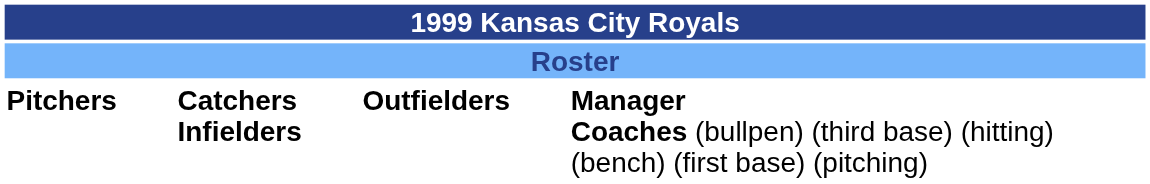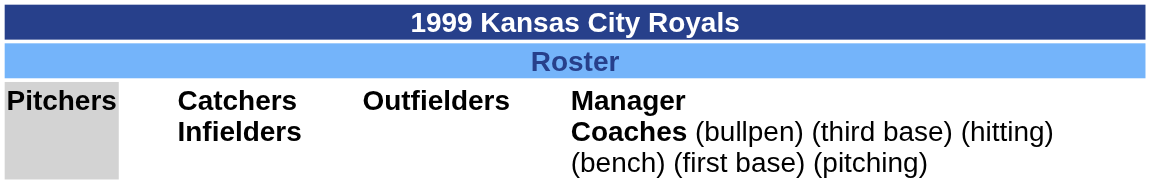 <table class="toccolours" style="font-size: 95%;">
 <tr>
 <th colspan="10" style="background-color: #27408B; color: #FFFFFF; text-align: center;">1999 Kansas City Royals</th>
 </tr>
 <tr>
 <td colspan="10" style="background-color: #74B4FA; color: #27408B; text-align: center;"><strong>Roster</strong></td>
 </tr>
 <tr>
-<td valign="top"><strong>Pitchers</strong><br>                           </td>
+<td valign="top" style="background: lightgrey;"><strong>Pitchers</strong><br>                           </td>
 <td width="25px"></td>
 <td valign="top"><strong>Catchers</strong><br>   <strong>Infielders</strong>              </td>
 <td width="25px"></td>
 <td valign="top"><strong>Outfielders</strong><br>     </td>
 <td width="25px"></td>
 <td valign="top"><strong>Manager</strong><br> <strong>Coaches</strong>  (bullpen)  (third base)  (hitting)  (bench)  (first base)  (pitching)</td>
 </tr>
 </table>
